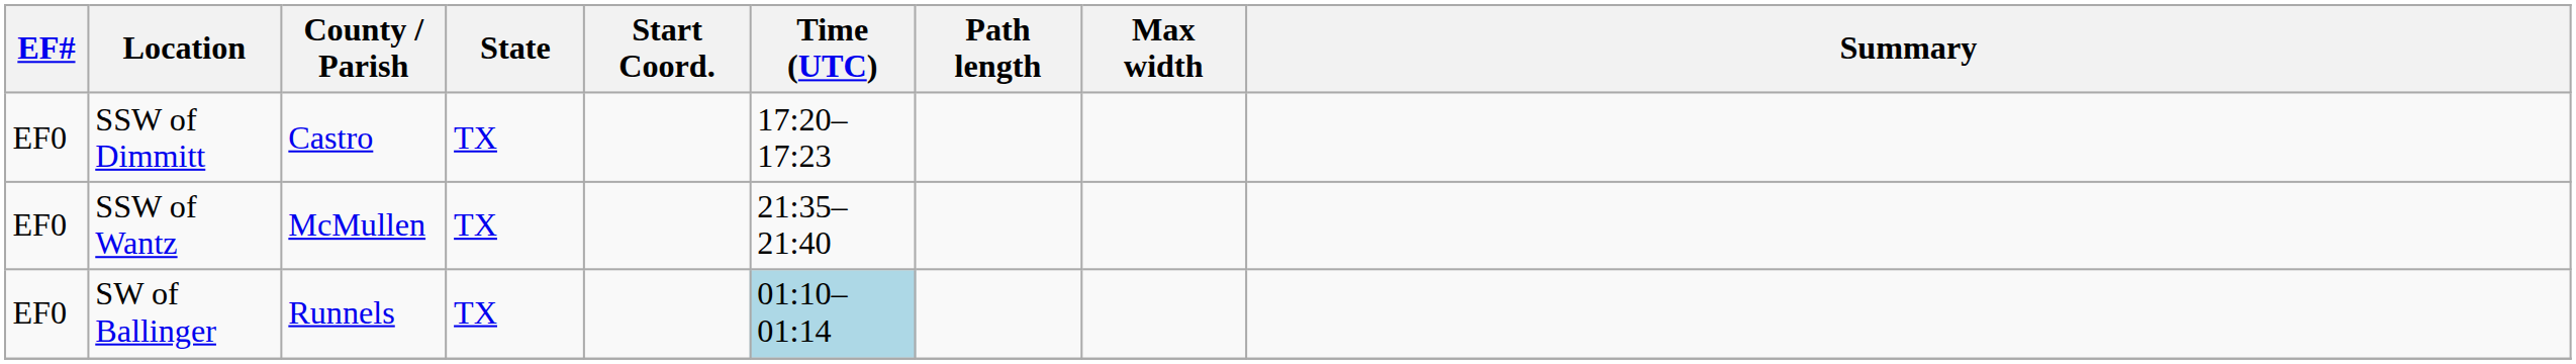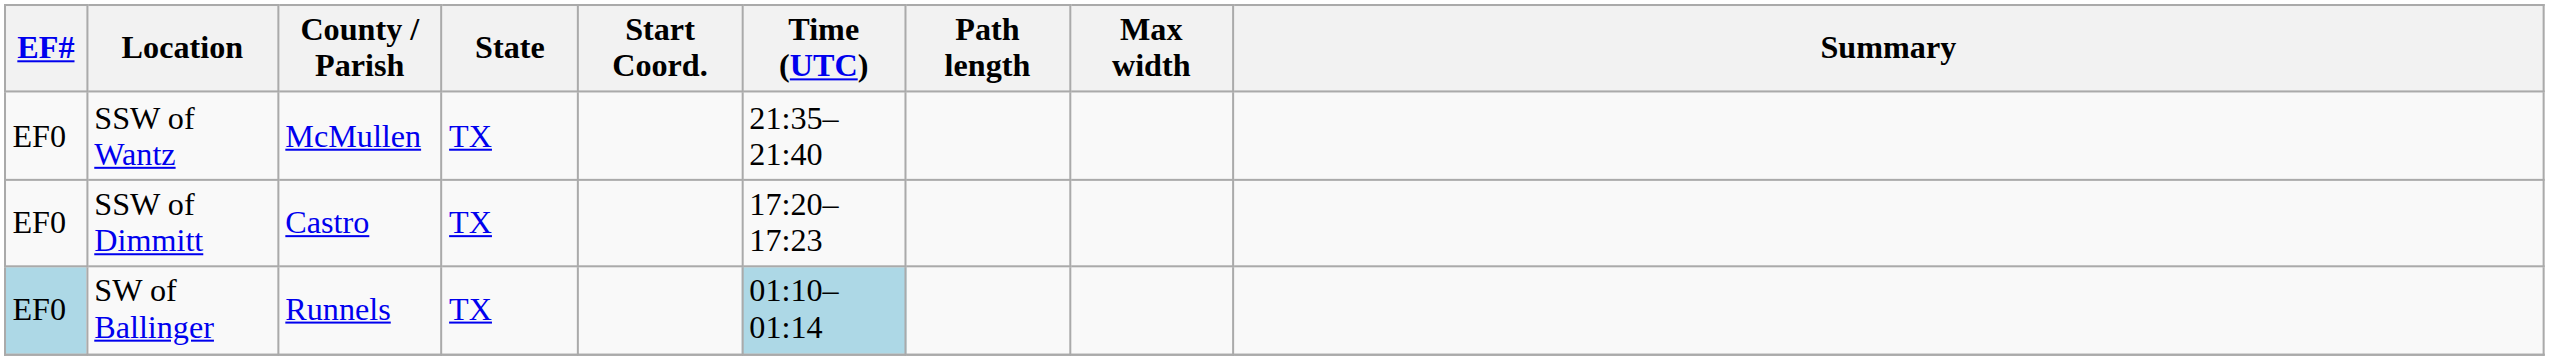 <table class="wikitable sortable" style="width:100%;">
 <tr>
 <th scope="col"  style="width:3%; text-align:center;"><a href='#'>EF#</a></th>
 <th scope="col"  style="width:7%; text-align:center;" class="unsortable">Location</th>
 <th scope="col"  style="width:6%; text-align:center;" class="unsortable">County / Parish</th>
 <th scope="col"  style="width:5%; text-align:center;">State</th>
 <th scope="col"  style="width:6%; text-align:center;">Start Coord.</th>
 <th scope="col"  style="width:6%; text-align:center;">Time (<a href='#'>UTC</a>)</th>
 <th scope="col"  style="width:6%; text-align:center;">Path length</th>
 <th scope="col"  style="width:6%; text-align:center;">Max width</th>
 <th scope="col" class="unsortable" style="width:48%; text-align:center;">Summary</th>
 </tr>
 <tr>
 <td>EF0</td>
-<td>SSW of <a href='#'>Dimmitt</a></td>
-<td><a href='#'>Castro</a></td>
-<td><a href='#'>TX</a></td>
-<td></td>
-<td>17:20–17:23</td>
-<td></td>
-<td></td>
-<td></td>
-</tr>
-<tr>
-<td>EF0</td>
 <td>SSW of <a href='#'>Wantz</a></td>
 <td><a href='#'>McMullen</a></td>
 <td><a href='#'>TX</a></td>
 <td></td>
 <td>21:35–21:40</td>
 <td></td>
 <td></td>
 <td></td>
 </tr>
 <tr>
 <td>EF0</td>
+<td>SSW of <a href='#'>Dimmitt</a></td>
+<td><a href='#'>Castro</a></td>
+<td><a href='#'>TX</a></td>
+<td></td>
+<td>17:20–17:23</td>
+<td></td>
+<td></td>
+<td></td>
+</tr>
+<tr>
+<td style="background: lightblue;">EF0</td>
 <td>SW of <a href='#'>Ballinger</a></td>
 <td><a href='#'>Runnels</a></td>
 <td><a href='#'>TX</a></td>
 <td></td>
 <td style="background: lightblue;">01:10–01:14</td>
 <td></td>
 <td></td>
 <td></td>
 </tr>
 <tr>
 </tr>
 </table>
